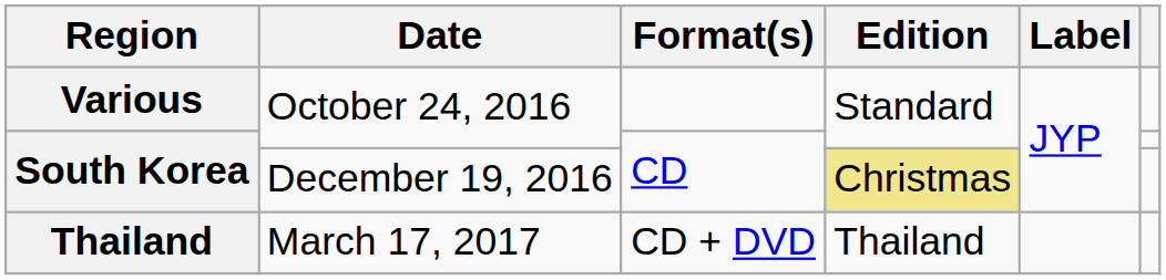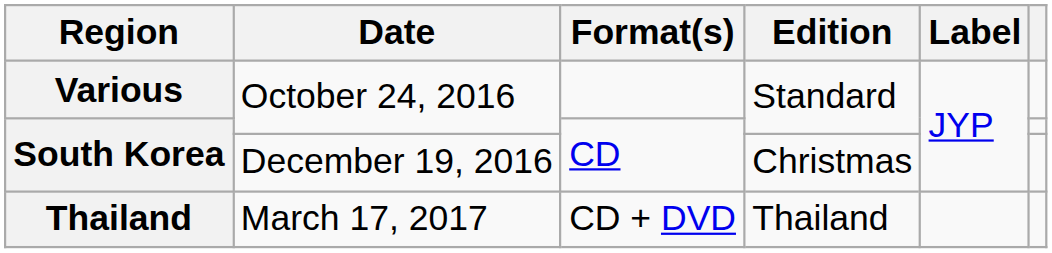 <table class="wikitable plainrowheaders">
 <tr>
 <th>Region</th>
 <th>Date</th>
 <th>Format(s)</th>
 <th>Edition</th>
 <th>Label</th>
 <th></th>
 </tr>
 <tr>
 <th scope="row">Various</th>
 <td rowspan="2">October 24, 2016</td>
 <td></td>
 <td rowspan="2">Standard</td>
 <td rowspan="3"><a href='#'>JYP</a></td>
 <td></td>
 </tr>
 <tr>
 <th scope="row" rowspan="2">South Korea</th>
 <td rowspan="2"><a href='#'>CD</a></td>
 <td></td>
 </tr>
 <tr>
 <td>December 19, 2016</td>
-<td style="background: khaki;">Christmas</td>
+<td>Christmas</td>
 <td></td>
 </tr>
 <tr>
 <th scope="row">Thailand</th>
 <td>March 17, 2017</td>
 <td>CD + <a href='#'>DVD</a></td>
 <td>Thailand</td>
 <td></td>
 <td></td>
 </tr>
 </table>
